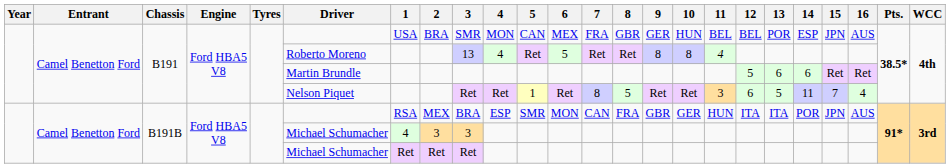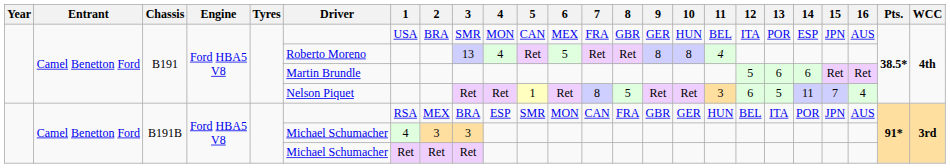 <table class="wikitable" style="text-align:center; font-size:95%">
 <tr>
 <th>Year</th>
 <th>Entrant</th>
 <th>Chassis</th>
 <th>Engine</th>
 <th>Tyres</th>
 <th>Driver</th>
 <th>1</th>
 <th>2</th>
 <th>3</th>
 <th>4</th>
 <th>5</th>
 <th>6</th>
 <th>7</th>
 <th>8</th>
 <th>9</th>
 <th>10</th>
 <th>11</th>
 <th>12</th>
 <th>13</th>
 <th>14</th>
 <th>15</th>
 <th>16</th>
 <th>Pts.</th>
 <th>WCC</th>
 </tr>
 <tr>
 <td rowspan="4"></td>
 <td rowspan="4"><a href='#'>Camel</a> <a href='#'>Benetton</a> <a href='#'>Ford</a></td>
 <td rowspan="4">B191</td>
 <td rowspan="4"><a href='#'>Ford</a> <a href='#'>HBA5</a><br><a href='#'>V8</a></td>
 <td rowspan="4"></td>
 <td></td>
 <td><a href='#'>USA</a></td>
 <td><a href='#'>BRA</a></td>
 <td><a href='#'>SMR</a></td>
 <td><a href='#'>MON</a></td>
 <td><a href='#'>CAN</a></td>
 <td><a href='#'>MEX</a></td>
 <td><a href='#'>FRA</a></td>
 <td><a href='#'>GBR</a></td>
 <td><a href='#'>GER</a></td>
 <td><a href='#'>HUN</a></td>
 <td><a href='#'>BEL</a></td>
-<td><a href='#'>BEL</a></td>
+<td><a href='#'>ITA</a></td>
 <td><a href='#'>POR</a></td>
 <td><a href='#'>ESP</a></td>
 <td><a href='#'>JPN</a></td>
 <td><a href='#'>AUS</a></td>
 <td rowspan="4"><strong>38.5*</strong></td>
 <td rowspan="4"><strong>4th</strong></td>
 </tr>
 <tr>
 <td align="left"><a href='#'>Roberto Moreno</a></td>
 <td></td>
 <td></td>
 <td style="background:#cfcfff;">13</td>
 <td style="background:#dfffdf;">4</td>
 <td style="background:#efcfff;">Ret</td>
 <td style="background:#dfffdf;">5</td>
 <td style="background:#efcfff;">Ret</td>
 <td style="background:#efcfff;">Ret</td>
 <td style="background:#cfcfff;">8</td>
 <td style="background:#cfcfff;">8</td>
 <td style="background:#dfffdf;"><em>4</em></td>
 <td></td>
 <td></td>
 <td></td>
 <td></td>
 <td></td>
 </tr>
 <tr>
 <td align="left"><a href='#'>Martin Brundle</a></td>
 <td></td>
 <td></td>
 <td></td>
 <td></td>
 <td></td>
 <td></td>
 <td></td>
 <td></td>
 <td></td>
 <td></td>
 <td></td>
 <td style="background:#dfffdf;">5</td>
 <td style="background:#dfffdf;">6</td>
 <td style="background:#dfffdf;">6</td>
 <td style="background:#efcfff;">Ret</td>
 <td style="background:#efcfff;">Ret</td>
 </tr>
 <tr>
 <td align="left"><a href='#'>Nelson Piquet</a></td>
 <td></td>
 <td></td>
 <td style="background:#efcfff;">Ret</td>
 <td style="background:#efcfff;">Ret</td>
 <td style="background:#ffffbf;">1</td>
 <td style="background:#efcfff;">Ret</td>
 <td style="background:#cfcfff;">8</td>
 <td style="background:#dfffdf;">5</td>
 <td style="background:#efcfff;">Ret</td>
 <td style="background:#efcfff;">Ret</td>
 <td style="background:#ffdf9f;">3</td>
 <td style="background:#dfffdf;">6</td>
 <td style="background:#dfffdf;">5</td>
 <td style="background:#cfcfff;">11</td>
 <td style="background:#cfcfff;">7</td>
 <td style="background:#dfffdf;">4</td>
 </tr>
 <tr>
 <td rowspan="3"></td>
 <td rowspan="3"><a href='#'>Camel</a> <a href='#'>Benetton</a> <a href='#'>Ford</a></td>
 <td rowspan="3">B191B</td>
 <td rowspan="3"><a href='#'>Ford</a> <a href='#'>HBA5</a><br><a href='#'>V8</a></td>
 <td rowspan="3"></td>
 <td></td>
 <td><a href='#'>RSA</a></td>
 <td><a href='#'>MEX</a></td>
 <td><a href='#'>BRA</a></td>
 <td><a href='#'>ESP</a></td>
 <td><a href='#'>SMR</a></td>
 <td><a href='#'>MON</a></td>
 <td><a href='#'>CAN</a></td>
 <td><a href='#'>FRA</a></td>
 <td><a href='#'>GBR</a></td>
 <td><a href='#'>GER</a></td>
 <td><a href='#'>HUN</a></td>
-<td><a href='#'>ITA</a></td>
+<td><a href='#'>BEL</a></td>
 <td><a href='#'>ITA</a></td>
 <td><a href='#'>POR</a></td>
 <td><a href='#'>JPN</a></td>
 <td><a href='#'>AUS</a></td>
 <td rowspan="3" style="background:#ffdf9f;"><strong>91*</strong></td>
 <td rowspan="3" style="background:#ffdf9f;"><strong>3rd</strong></td>
 </tr>
 <tr>
 <td align="left"><a href='#'>Michael Schumacher</a></td>
 <td style="background:#dfffdf;">4</td>
 <td style="background:#ffdf9f;">3</td>
 <td style="background:#ffdf9f;">3</td>
 <td></td>
 <td></td>
 <td></td>
 <td></td>
 <td></td>
 <td></td>
 <td></td>
 <td></td>
 <td></td>
 <td></td>
 <td></td>
 <td></td>
 <td></td>
 </tr>
 <tr>
 <td align="left"><a href='#'>Michael Schumacher</a></td>
 <td style="background:#efcfff;">Ret</td>
 <td style="background:#efcfff;">Ret</td>
 <td style="background:#efcfff;">Ret</td>
 <td></td>
 <td></td>
 <td></td>
 <td></td>
 <td></td>
 <td></td>
 <td></td>
 <td></td>
 <td></td>
 <td></td>
 <td></td>
 <td></td>
 <td></td>
 </tr>
 </table>
